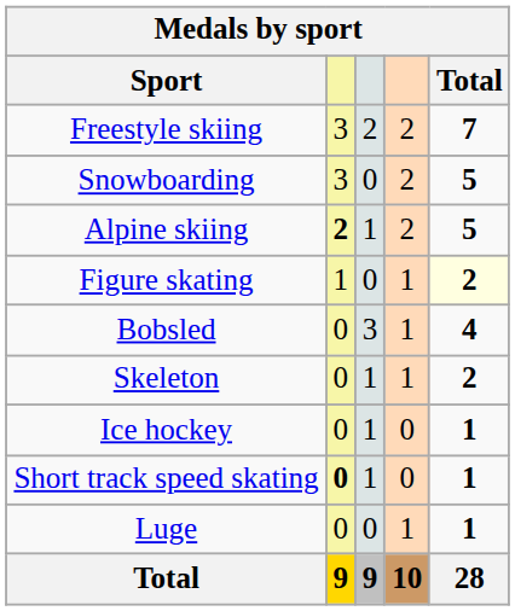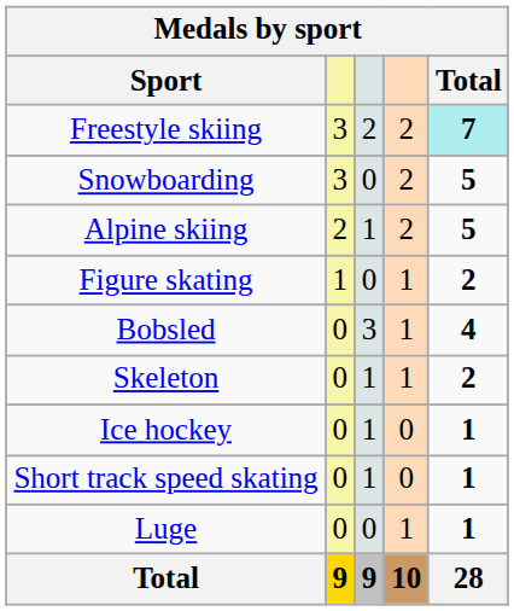 <table class=wikitable style="font-size:85%;text-align:center;float:right;clear:right;">
 <tr>
 <th colspan=5>Medals by sport</th>
 </tr>
 <tr>
 <th>Sport</th>
 <td bgcolor=#f7f6a8></td>
 <td bgcolor=#dce5e5></td>
 <td bgcolor=#ffdab9></td>
 <th>Total</th>
 </tr>
 <tr>
 <td><a href='#'>Freestyle skiing</a></td>
 <td bgcolor=F7F6A8>3</td>
 <td bgcolor=DCE5E5>2</td>
 <td bgcolor=FFDAB9>2</td>
-<td><strong>7</strong></td>
+<td style="background: paleturquoise;"><strong>7</strong></td>
 </tr>
 <tr>
 <td><a href='#'>Snowboarding</a></td>
 <td bgcolor=F7F6A8>3</td>
 <td bgcolor=DCE5E5>0</td>
 <td bgcolor=FFDAB9>2</td>
 <td><strong>5</strong></td>
 </tr>
 <tr>
 <td><a href='#'>Alpine skiing</a></td>
-<td bgcolor=F7F6A8><strong>2</strong></td>
+<td bgcolor=F7F6A8>2</td>
 <td bgcolor=DCE5E5>1</td>
 <td bgcolor=FFDAB9>2</td>
 <td><strong>5</strong></td>
 </tr>
 <tr>
 <td><a href='#'>Figure skating</a></td>
 <td bgcolor=F7F6A8>1</td>
 <td bgcolor=DCE5E5>0</td>
 <td bgcolor=FFDAB9>1</td>
-<td style="background: lightyellow;"><strong>2</strong></td>
+<td><strong>2</strong></td>
 </tr>
 <tr>
 <td><a href='#'>Bobsled</a></td>
 <td bgcolor=F7F6A8>0</td>
 <td bgcolor=DCE5E5>3</td>
 <td bgcolor=FFDAB9>1</td>
 <td><strong>4</strong></td>
 </tr>
 <tr>
 <td><a href='#'>Skeleton</a></td>
 <td bgcolor=F7F6A8>0</td>
 <td bgcolor=DCE5E5>1</td>
 <td bgcolor=FFDAB9>1</td>
 <td><strong>2</strong></td>
 </tr>
 <tr>
 <td><a href='#'>Ice hockey</a></td>
 <td bgcolor=F7F6A8>0</td>
 <td bgcolor=DCE5E5>1</td>
 <td bgcolor=FFDAB9>0</td>
 <td><strong>1</strong></td>
 </tr>
 <tr>
 <td><a href='#'>Short track speed skating</a></td>
-<td bgcolor=F7F6A8><strong>0</strong></td>
+<td bgcolor=F7F6A8>0</td>
 <td bgcolor=DCE5E5>1</td>
 <td bgcolor=FFDAB9>0</td>
 <td><strong>1</strong></td>
 </tr>
 <tr>
 <td><a href='#'>Luge</a></td>
 <td bgcolor=F7F6A8>0</td>
 <td bgcolor=DCE5E5>0</td>
 <td bgcolor=FFDAB9>1</td>
 <td><strong>1</strong></td>
 </tr>
 <tr>
 <th>Total</th>
 <th style=background:gold>9</th>
 <th style=background:silver>9</th>
 <th style=background:#c96>10</th>
 <th>28</th>
 </tr>
 </table>
